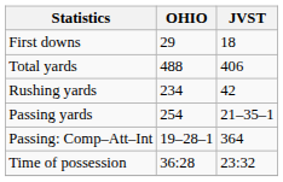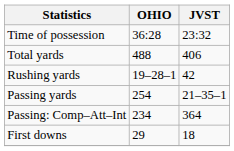 <table class="wikitable" style="float: left;">
 <tr>
 <th>Statistics</th>
 <th>OHIO</th>
 <th>JVST</th>
 </tr>
 <tr>
-<td>First downs</td>
-<td>29</td>
-<td>18</td>
+<td>Time of possession</td>
+<td>36:28</td>
+<td>23:32</td>
 </tr>
 <tr>
 <td>Total yards</td>
 <td>488</td>
 <td>406</td>
 </tr>
 <tr>
 <td>Rushing yards</td>
-<td>234</td>
+<td>19–28–1</td>
 <td>42</td>
 </tr>
 <tr>
 <td>Passing yards</td>
 <td>254</td>
 <td>21–35–1</td>
 </tr>
 <tr>
 <td>Passing: Comp–Att–Int</td>
-<td>19–28–1</td>
+<td>234</td>
 <td>364</td>
 </tr>
 <tr>
-<td>Time of possession</td>
-<td>36:28</td>
-<td>23:32</td>
+<td>First downs</td>
+<td>29</td>
+<td>18</td>
 </tr>
 <tr>
 </tr>
 </table>
